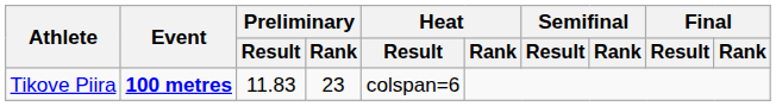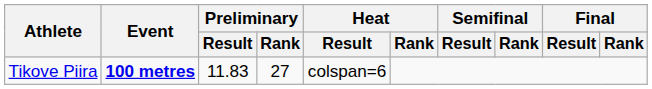 <table class="wikitable" style="font-size:90%">
 <tr>
 <th rowspan="2">Athlete</th>
 <th rowspan="2">Event</th>
 <th colspan="2">Preliminary</th>
 <th colspan="2">Heat</th>
 <th colspan="2">Semifinal</th>
 <th colspan="2">Final</th>
 </tr>
 <tr style="font-size:95%">
 <th>Result</th>
 <th>Rank</th>
 <th>Result</th>
 <th>Rank</th>
 <th>Result</th>
 <th>Rank</th>
 <th>Result</th>
 <th>Rank</th>
 </tr>
 <tr style=text-align:center>
 <td style=text-align:left><a href='#'>Tikove Piira</a></td>
 <td style=text-align:left><strong><a href='#'>100 metres</a></strong></td>
 <td>11.83</td>
-<td>23</td>
+<td>27</td>
 <td>colspan=6 </td>
 </tr>
 </table>
